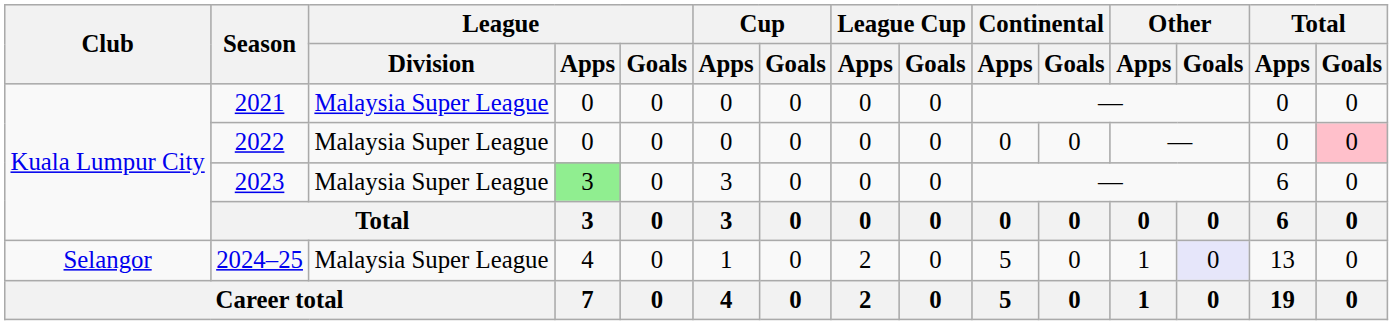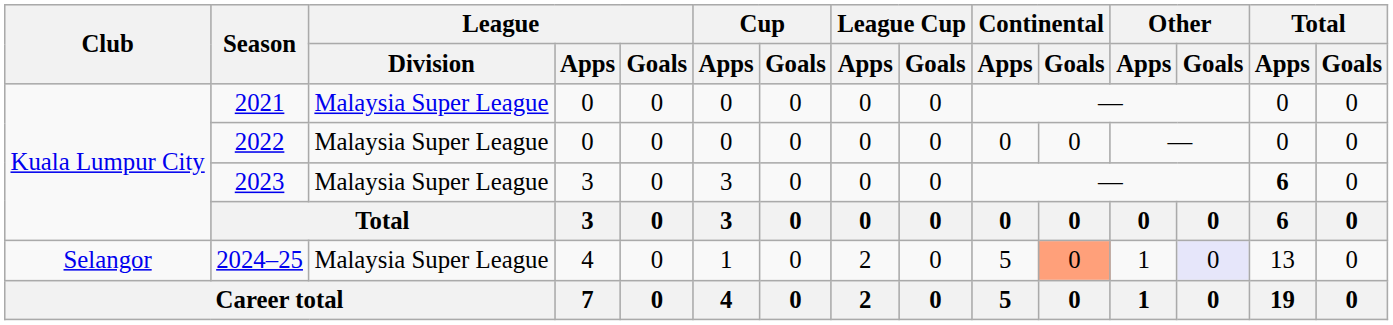 <table class="wikitable" style="text-align: center;">
 <tr>
 <th rowspan="2">Club</th>
 <th rowspan="2">Season</th>
 <th colspan="3">League</th>
 <th colspan="2">Cup</th>
 <th colspan="2">League Cup</th>
 <th colspan="2">Continental</th>
 <th colspan="2">Other</th>
 <th colspan="2">Total</th>
 </tr>
 <tr>
 <th>Division</th>
 <th>Apps</th>
 <th>Goals</th>
 <th>Apps</th>
 <th>Goals</th>
 <th>Apps</th>
 <th>Goals</th>
 <th>Apps</th>
 <th>Goals</th>
 <th>Apps</th>
 <th>Goals</th>
 <th>Apps</th>
 <th>Goals</th>
 </tr>
 <tr>
 <td rowspan="4"><a href='#'>Kuala Lumpur City</a></td>
 <td><a href='#'>2021</a></td>
 <td><a href='#'>Malaysia Super League</a></td>
 <td>0</td>
 <td>0</td>
 <td>0</td>
 <td>0</td>
 <td>0</td>
 <td>0</td>
 <td colspan="4">—</td>
 <td>0</td>
 <td>0</td>
 </tr>
 <tr>
 <td><a href='#'>2022</a></td>
 <td>Malaysia Super League</td>
 <td>0</td>
 <td>0</td>
 <td>0</td>
 <td>0</td>
 <td>0</td>
 <td>0</td>
 <td>0</td>
 <td>0</td>
 <td colspan="2">—</td>
 <td>0</td>
-<td style="background: pink;">0</td>
+<td>0</td>
 </tr>
 <tr>
 <td><a href='#'>2023</a></td>
 <td>Malaysia Super League</td>
-<td style="background: lightgreen;">3</td>
+<td>3</td>
 <td>0</td>
 <td>3</td>
 <td>0</td>
 <td>0</td>
 <td>0</td>
 <td colspan="4">—</td>
-<td>6</td>
+<td><strong>6</strong></td>
 <td>0</td>
 </tr>
 <tr>
 <th colspan="2">Total</th>
 <th>3</th>
 <th>0</th>
 <th>3</th>
 <th>0</th>
 <th>0</th>
 <th>0</th>
 <th>0</th>
 <th>0</th>
 <th>0</th>
 <th>0</th>
 <th>6</th>
 <th>0</th>
 </tr>
 <tr>
 <td rowspan="1"><a href='#'>Selangor</a></td>
 <td><a href='#'>2024–25</a></td>
 <td>Malaysia Super League</td>
 <td>4</td>
 <td>0</td>
 <td>1</td>
 <td>0</td>
 <td>2</td>
 <td>0</td>
 <td>5</td>
-<td>0</td>
+<td style="background: lightsalmon;">0</td>
 <td>1</td>
 <td style="background: lavender;">0</td>
 <td>13</td>
 <td>0</td>
 </tr>
 <tr>
 <th colspan="3">Career total</th>
 <th>7</th>
 <th>0</th>
 <th>4</th>
 <th>0</th>
 <th>2</th>
 <th>0</th>
 <th>5</th>
 <th>0</th>
 <th>1</th>
 <th>0</th>
 <th>19</th>
 <th>0</th>
 </tr>
 </table>
